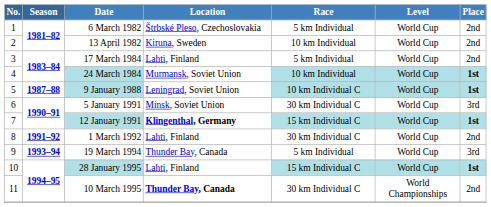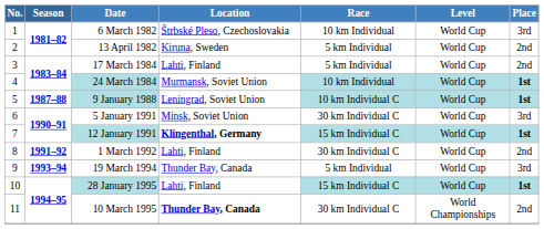 <table class="wikitable sortable" style="font-size:95%; text-align:center; border:grey solid 1px; border-collapse:collapse; background:#ffffff;">
 <tr style="background:#efefef;">
 <th style="background-color:#369; color:white;">No.</th>
 <th style="background-color:#369; color:white;">Season</th>
 <th style="background-color:#4180be; color:white; width:120px;">Date</th>
 <th style="background-color:#4180be; color:white; width:200px;">Location</th>
 <th style="background-color:#4180be; color:white; width:160px;">Race</th>
 <th style="background-color:#4180be; color:white; width:130px;">Level</th>
 <th style="background-color:#4180be; color:white;">Place</th>
 </tr>
 <tr>
 <td align=center>1</td>
 <td rowspan=2 align=center><strong> <a href='#'>1981–82</a> </strong></td>
 <td align=right>6 March 1982</td>
 <td align=left> <a href='#'>Štrbské Pleso</a>, Czechoslovakia</td>
-<td>5 km Individual</td>
+<td>10 km Individual</td>
 <td>World Cup</td>
-<td>2nd</td>
+<td>3rd</td>
 </tr>
 <tr>
 <td align=center>2</td>
 <td align=right>13 April 1982</td>
 <td align=left> <a href='#'>Kiruna</a>, Sweden</td>
-<td>10 km Individual</td>
+<td>5 km Individual</td>
 <td>World Cup</td>
 <td>2nd</td>
 </tr>
 <tr>
 <td align=center>3</td>
 <td rowspan=2 align=center><strong> <a href='#'>1983–84</a> </strong></td>
 <td align=right>17 March 1984</td>
 <td align=left> <a href='#'>Lahti</a>, Finland</td>
 <td>5 km Individual</td>
 <td>World Cup</td>
 <td>2nd</td>
 </tr>
 <tr>
 <td align=center>4</td>
 <td bgcolor="#BOEOE6" align=right>24 March 1984</td>
 <td align=left> <a href='#'>Murmansk</a>, Soviet Union</td>
 <td bgcolor="#BOEOE6">10 km Individual</td>
 <td bgcolor="#BOEOE6">World Cup</td>
 <td bgcolor="#BOEOE6"><strong>1st</strong></td>
 </tr>
 <tr>
 <td align=center>5</td>
 <td rowspan=1 align=center><strong><a href='#'>1987–88</a></strong></td>
 <td bgcolor="#BOEOE6" align=right>9 January 1988</td>
 <td align=left> <a href='#'>Leningrad</a>, Soviet Union</td>
 <td bgcolor="#BOEOE6">10 km Individual C</td>
 <td bgcolor="#BOEOE6">World Cup</td>
 <td bgcolor="#BOEOE6"><strong>1st</strong></td>
 </tr>
 <tr>
 <td align=center>6</td>
 <td rowspan=2 align=center><strong> <a href='#'>1990–91</a> </strong></td>
 <td align=right>5 January 1991</td>
 <td align=left> <a href='#'>Minsk</a>, Soviet Union</td>
 <td>30 km Individual C</td>
 <td>World Cup</td>
 <td>3rd</td>
 </tr>
 <tr>
 <td align=center>7</td>
 <td bgcolor="#BOEOE6" align=right>12 January 1991</td>
 <td align=left><strong> <a href='#'>Klingenthal</a>, Germany</strong></td>
 <td bgcolor="#BOEOE6">15 km Individual C</td>
 <td bgcolor="#BOEOE6">World Cup</td>
 <td bgcolor="#BOEOE6"><strong>1st</strong></td>
 </tr>
 <tr>
 <td align=center>8</td>
 <td rowspan=1 align=center><strong> <a href='#'>1991–92</a> </strong></td>
 <td align=right>1 March 1992</td>
 <td align=left> <a href='#'>Lahti</a>, Finland</td>
 <td>30 km Individual C</td>
 <td>World Cup</td>
 <td>2nd</td>
 </tr>
 <tr>
 <td align=center>9</td>
 <td rowspan=1 align=center><strong> <a href='#'>1993–94</a> </strong></td>
 <td align=right>19 March 1994</td>
 <td align=left> <a href='#'>Thunder Bay</a>, Canada</td>
 <td>5 km Individual</td>
 <td>World Cup</td>
 <td>3rd</td>
 </tr>
 <tr>
 <td align=center>10</td>
 <td rowspan=2 align=center><strong><a href='#'>1994–95</a></strong></td>
 <td bgcolor="#BOEOE6" align=right>28 January 1995</td>
 <td align=left> <a href='#'>Lahti</a>, Finland</td>
 <td bgcolor="#BOEOE6">15 km Individual C</td>
 <td bgcolor="#BOEOE6">World Cup</td>
 <td bgcolor="#BOEOE6"><strong>1st</strong></td>
 </tr>
 <tr>
 <td align=center>11</td>
 <td align=right>10 March 1995</td>
 <td align=left><strong> <a href='#'>Thunder Bay</a>, Canada</strong></td>
 <td>30 km Individual C</td>
 <td>World Championships</td>
 <td>2nd</td>
 </tr>
 <tr>
 </tr>
 </table>
